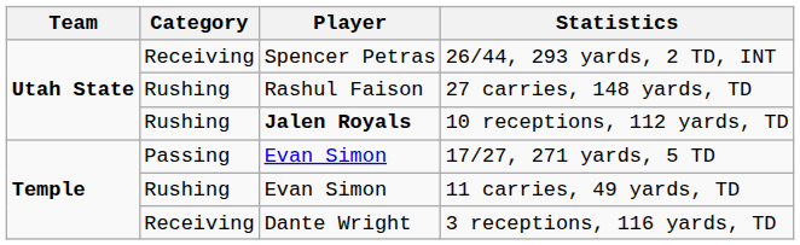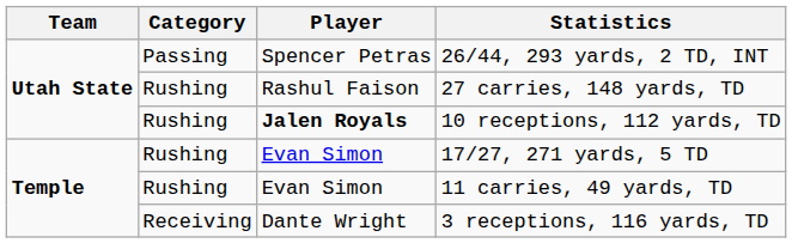 <table class="wikitable" style="float: right;">
 <tr>
 <th>Team</th>
 <th>Category</th>
 <th>Player</th>
 <th>Statistics</th>
 </tr>
 <tr>
 <td rowspan=3><strong>Utah State</strong></td>
-<td>Receiving</td>
+<td>Passing</td>
 <td>Spencer Petras</td>
 <td>26/44, 293 yards, 2 TD, INT</td>
 </tr>
 <tr>
 <td>Rushing</td>
 <td>Rashul Faison</td>
 <td>27 carries, 148 yards, TD</td>
 </tr>
 <tr>
 <td>Rushing</td>
 <td><strong>Jalen Royals</strong></td>
 <td>10 receptions, 112 yards, TD</td>
 </tr>
 <tr>
 <td rowspan=3><strong>Temple</strong></td>
-<td>Passing</td>
+<td>Rushing</td>
 <td><a href='#'>Evan Simon</a></td>
 <td>17/27, 271 yards, 5 TD</td>
 </tr>
 <tr>
 <td>Rushing</td>
 <td>Evan Simon</td>
 <td>11 carries, 49 yards, TD</td>
 </tr>
 <tr>
 <td>Receiving</td>
 <td>Dante Wright</td>
 <td>3 receptions, 116 yards, TD</td>
 </tr>
 </table>
